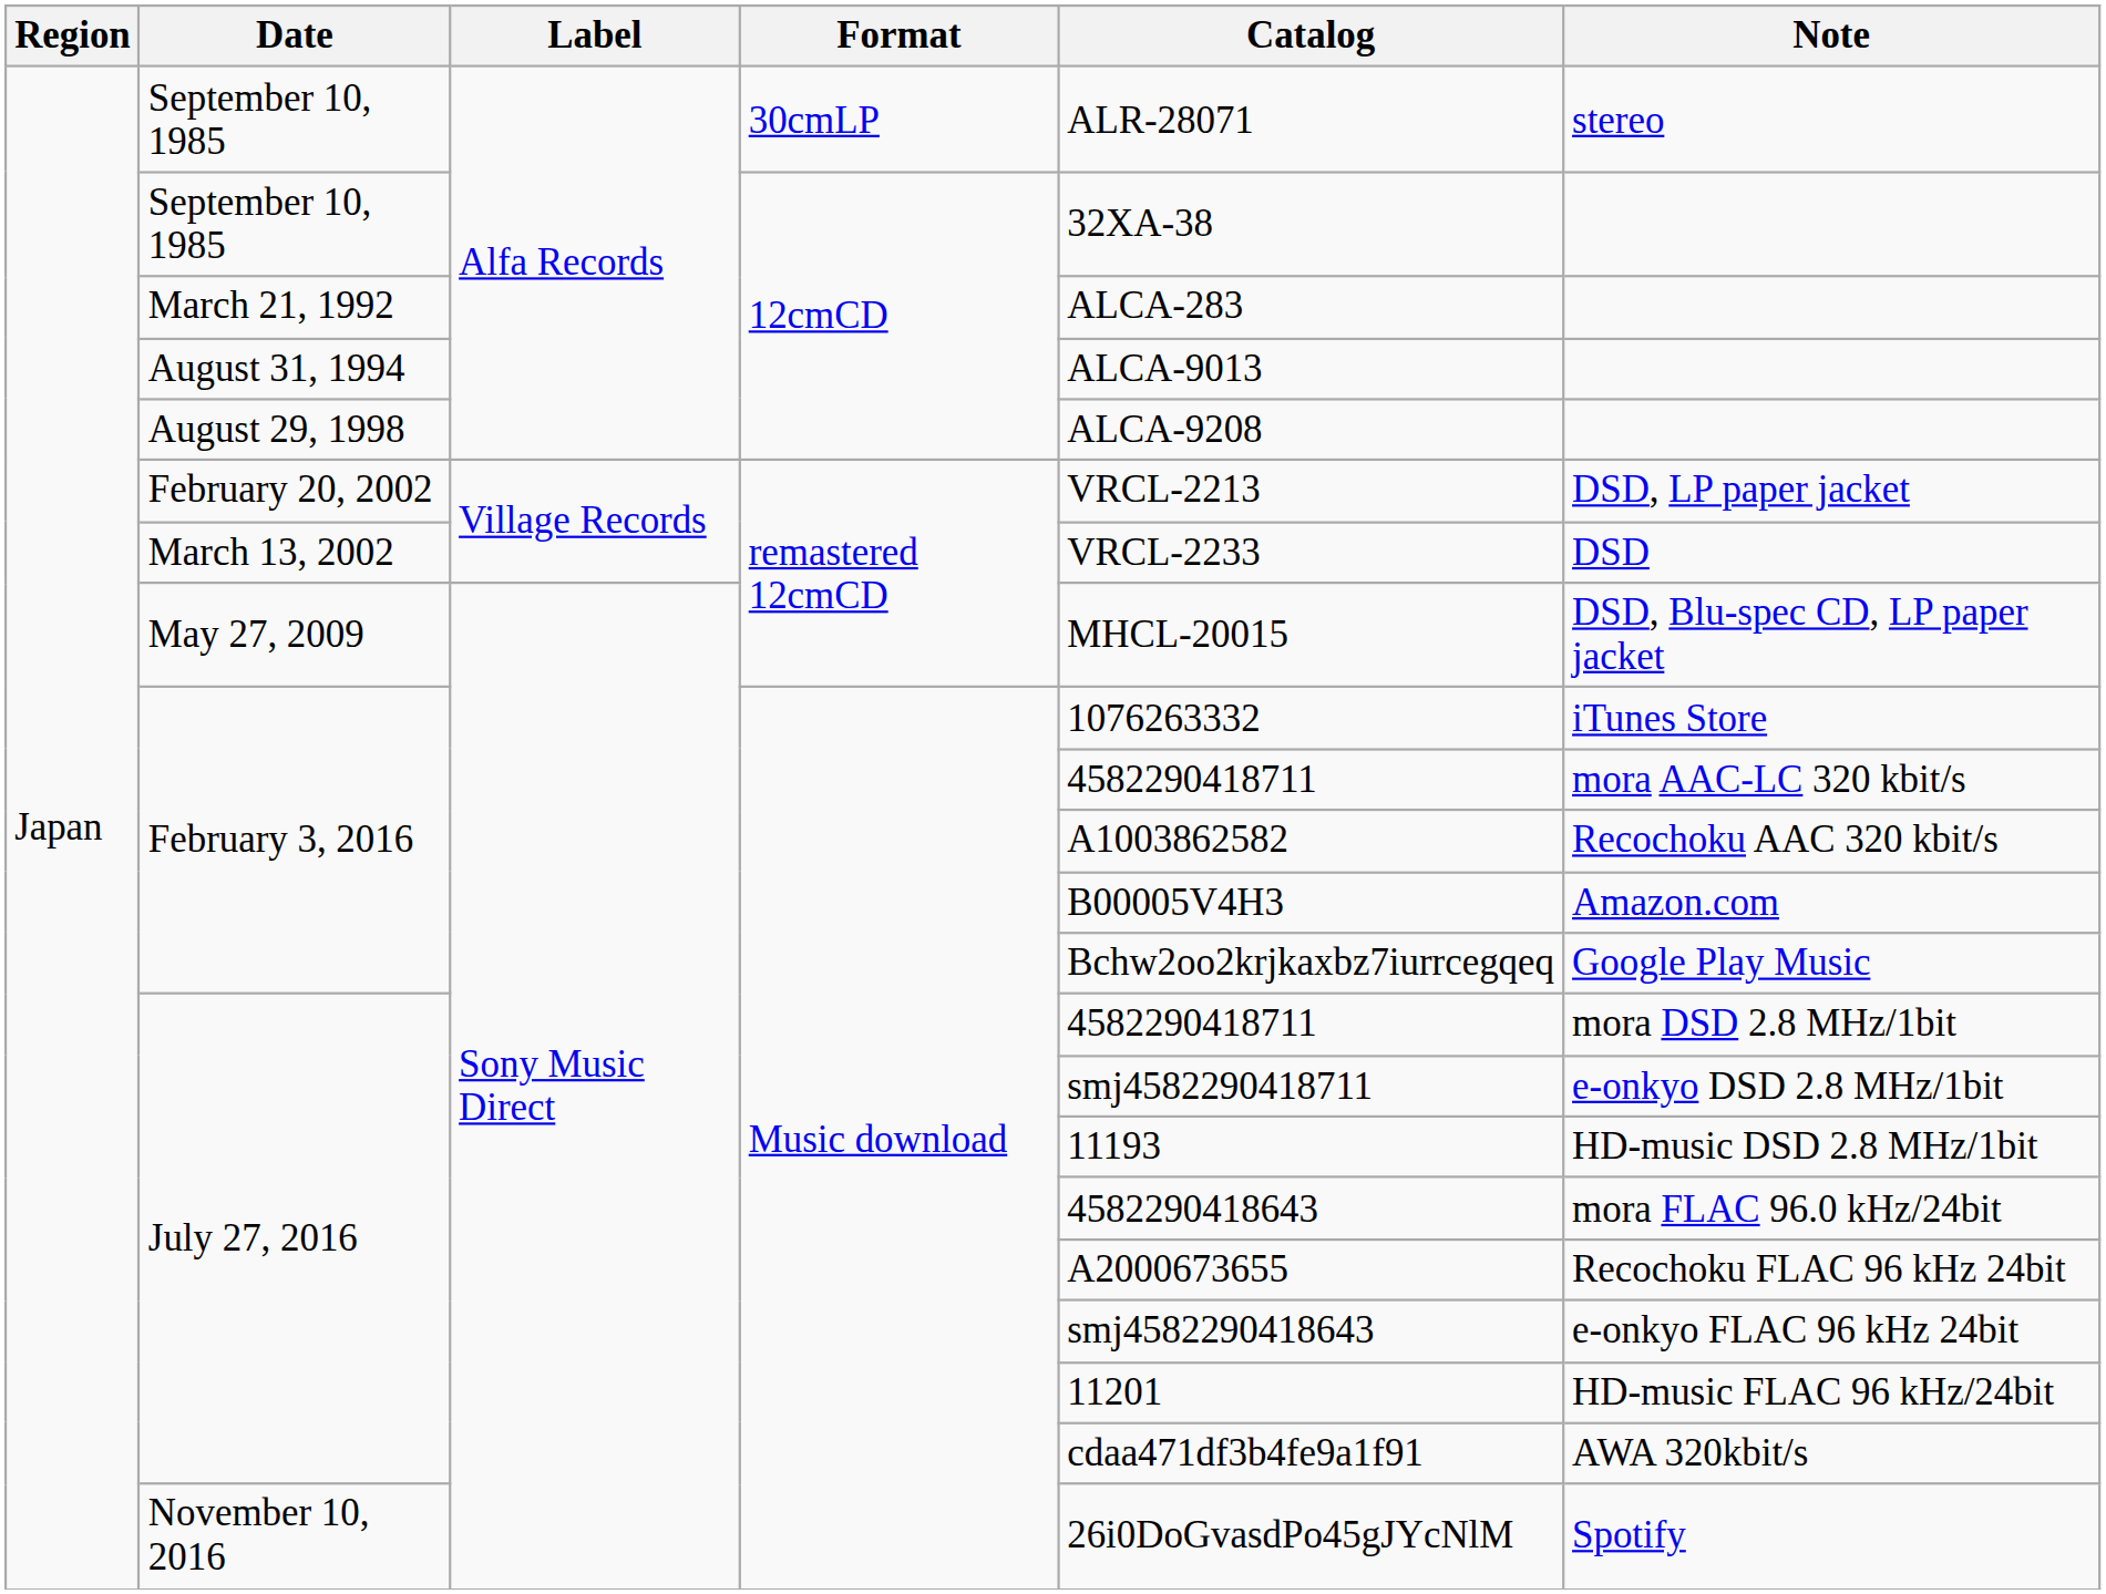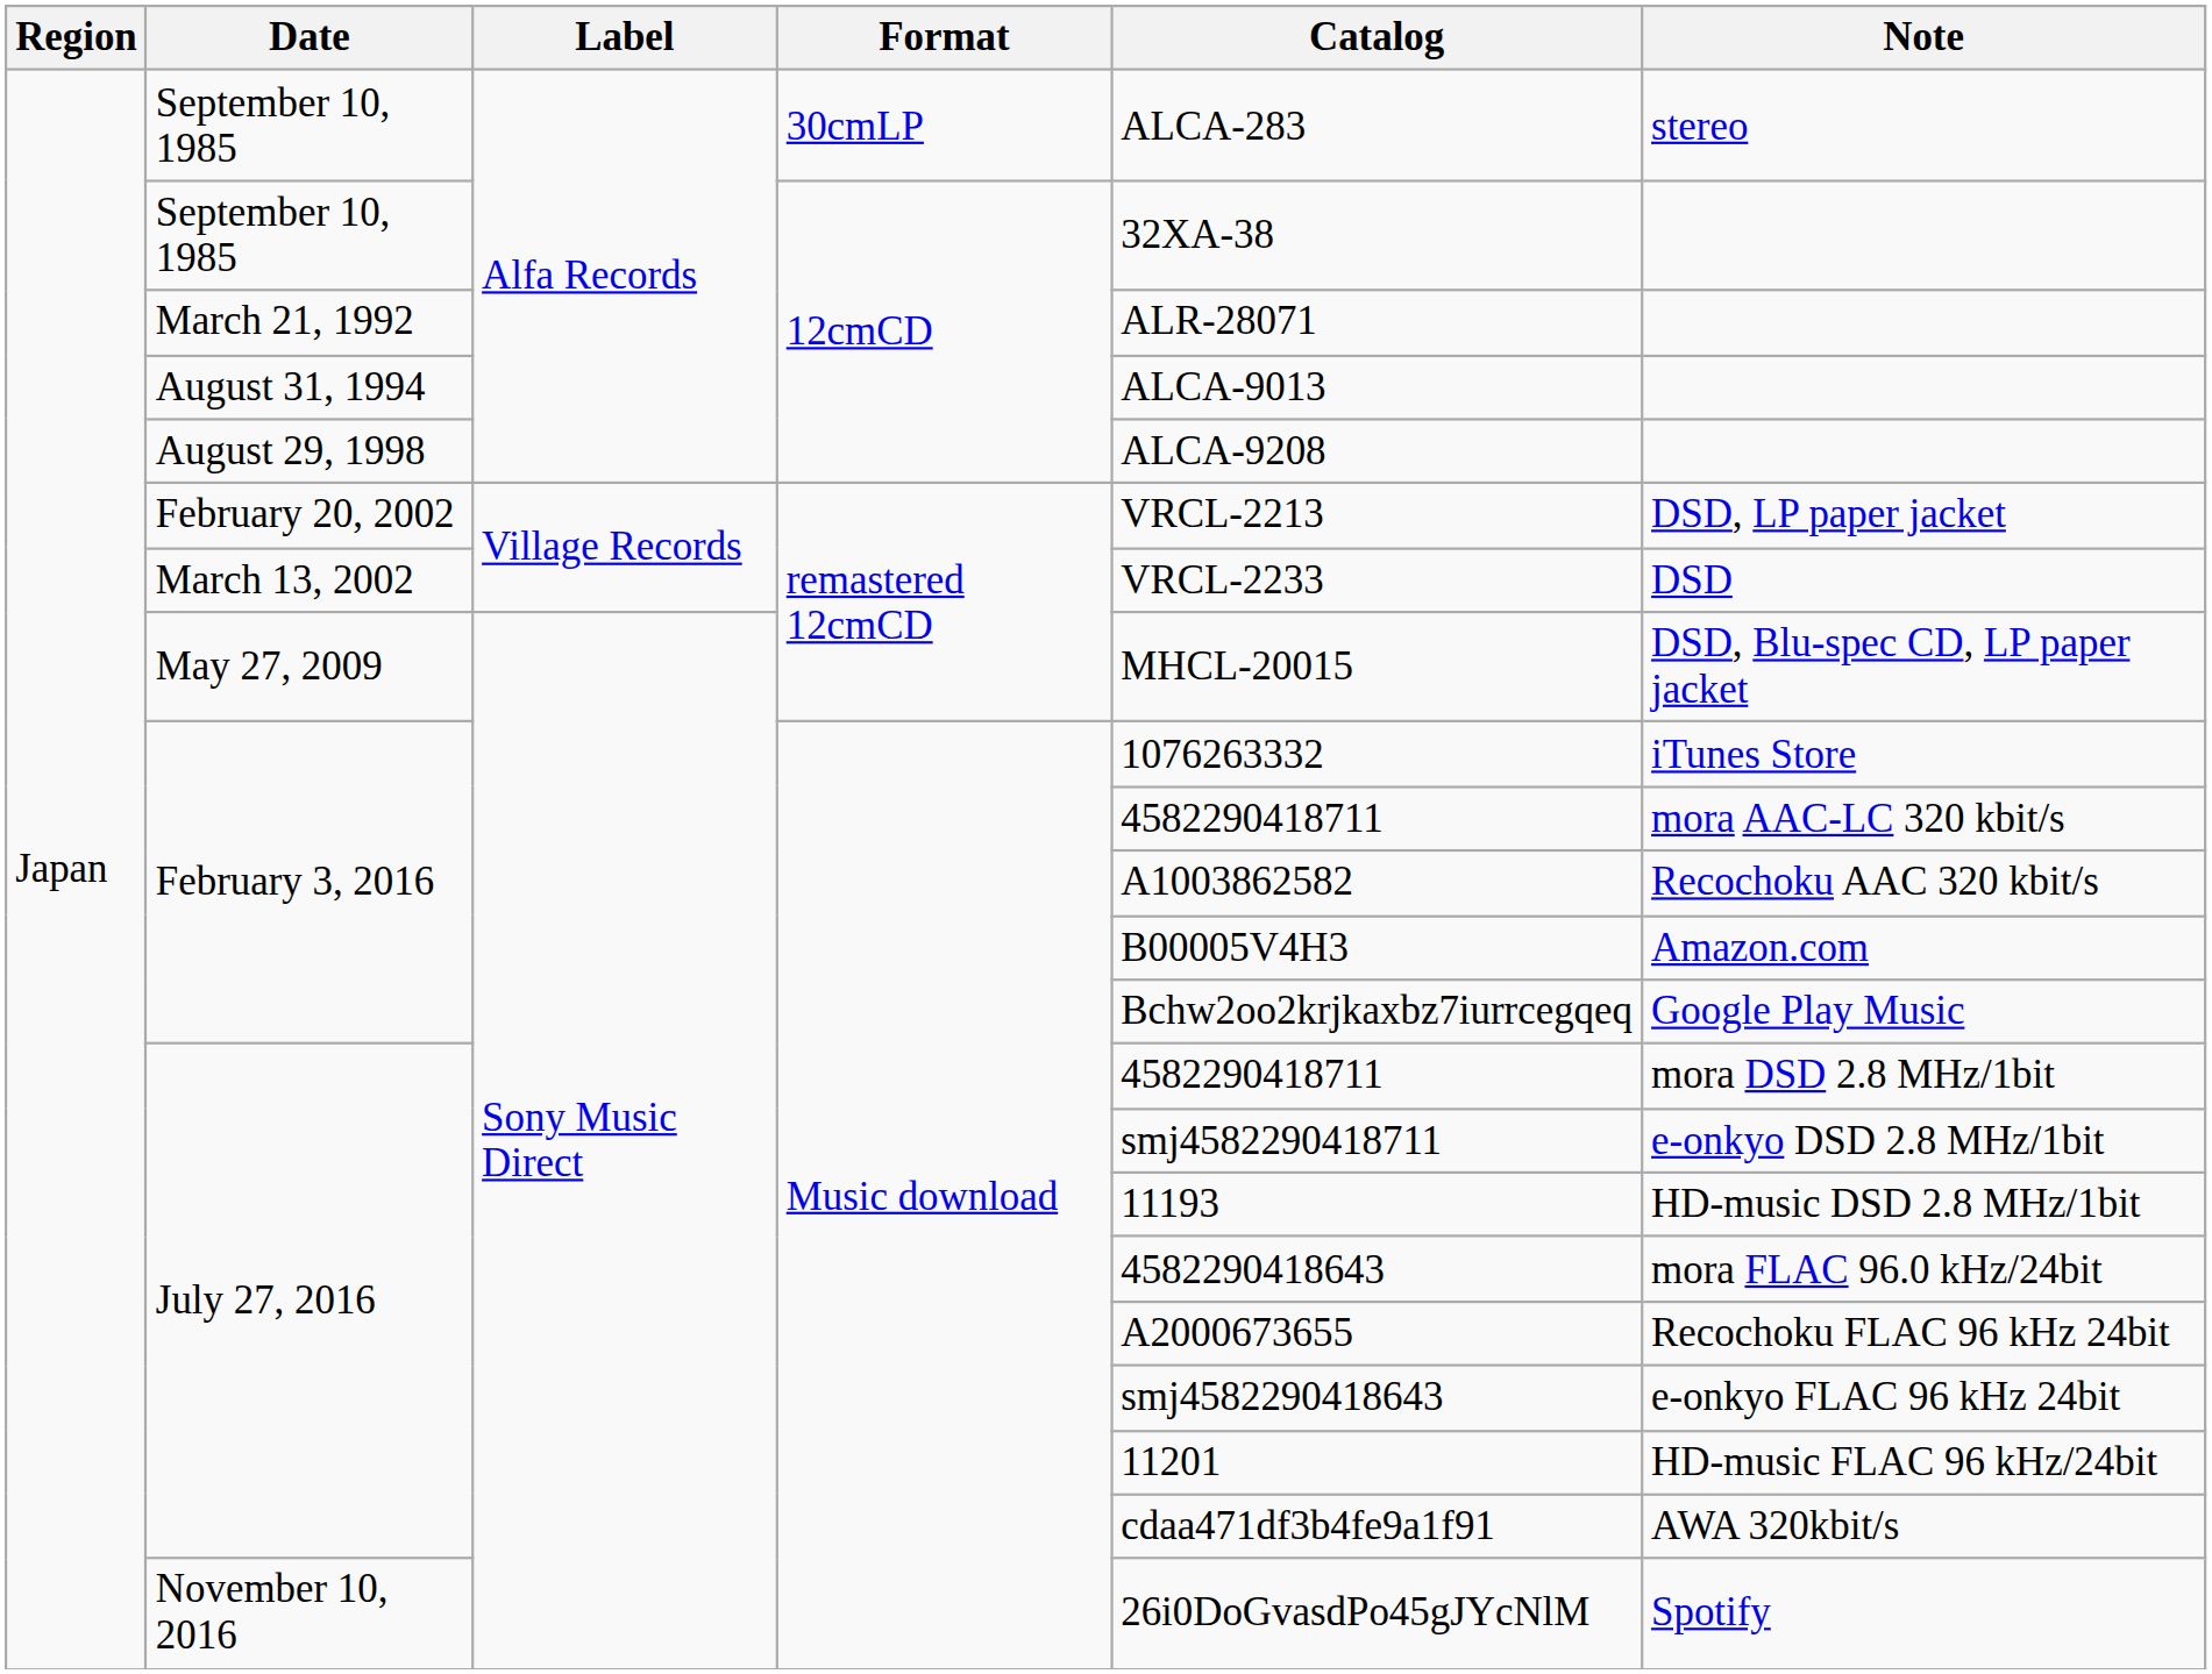 <table class="wikitable sortable">
 <tr>
 <th>Region</th>
 <th>Date</th>
 <th>Label</th>
 <th>Format</th>
 <th>Catalog</th>
 <th>Note</th>
 </tr>
 <tr>
 <td rowspan="23">Japan</td>
 <td>September 10, 1985</td>
 <td rowspan="5"><a href='#'>Alfa Records</a></td>
 <td><a href='#'>30cmLP</a></td>
-<td>ALR-28071</td>
+<td>ALCA-283</td>
 <td><a href='#'>stereo</a></td>
 </tr>
 <tr>
 <td>September 10, 1985</td>
 <td rowspan="4"><a href='#'>12cmCD</a></td>
 <td>32XA-38</td>
 </tr>
 <tr>
 <td>March 21, 1992</td>
-<td>ALCA-283</td>
+<td>ALR-28071</td>
 <td></td>
 </tr>
 <tr>
 <td>August 31, 1994</td>
 <td>ALCA-9013</td>
 <td></td>
 </tr>
 <tr>
 <td>August 29, 1998</td>
 <td>ALCA-9208</td>
 <td></td>
 </tr>
 <tr>
 <td>February 20, 2002</td>
 <td rowspan="2"><a href='#'>Village Records</a></td>
 <td rowspan="3"><a href='#'>remastered</a> <a href='#'>12cmCD</a></td>
 <td>VRCL-2213</td>
 <td><a href='#'>DSD</a>, <a href='#'>LP paper jacket</a></td>
 </tr>
 <tr>
 <td>March 13, 2002</td>
 <td>VRCL-2233</td>
 <td><a href='#'>DSD</a></td>
 </tr>
 <tr>
 <td>May 27, 2009</td>
 <td rowspan="15"><a href='#'>Sony Music Direct</a></td>
 <td>MHCL-20015</td>
 <td><a href='#'>DSD</a>, <a href='#'>Blu-spec CD</a>, <a href='#'>LP paper jacket</a></td>
 </tr>
 <tr>
 <td rowspan="5">February 3, 2016</td>
 <td rowspan="14"><a href='#'>Music download</a></td>
 <td>1076263332</td>
 <td><a href='#'>iTunes Store</a></td>
 </tr>
 <tr>
 <td>4582290418711</td>
 <td><a href='#'>mora</a> <a href='#'>AAC-LC</a>  320 kbit/s</td>
 </tr>
 <tr>
 <td>A1003862582</td>
 <td><a href='#'>Recochoku</a> AAC  320 kbit/s</td>
 </tr>
 <tr>
 <td>B00005V4H3</td>
 <td><a href='#'>Amazon.com</a></td>
 </tr>
 <tr>
 <td>Bchw2oo2krjkaxbz7iurrcegqeq</td>
 <td><a href='#'>Google Play Music</a></td>
 </tr>
 <tr>
 <td rowspan="8">July 27, 2016</td>
 <td>4582290418711</td>
 <td>mora <a href='#'>DSD</a> 2.8 MHz/1bit</td>
 </tr>
 <tr>
 <td>smj4582290418711</td>
 <td><a href='#'>e-onkyo</a>  DSD 2.8 MHz/1bit</td>
 </tr>
 <tr>
 <td>11193</td>
 <td>HD-music DSD 2.8 MHz/1bit</td>
 </tr>
 <tr>
 <td>4582290418643</td>
 <td>mora <a href='#'>FLAC</a> 96.0 kHz/24bit</td>
 </tr>
 <tr>
 <td>A2000673655</td>
 <td>Recochoku FLAC 96 kHz 24bit</td>
 </tr>
 <tr>
 <td>smj4582290418643</td>
 <td>e-onkyo FLAC 96 kHz 24bit</td>
 </tr>
 <tr>
 <td>11201</td>
 <td>HD-music FLAC 96 kHz/24bit</td>
 </tr>
 <tr>
 <td>cdaa471df3b4fe9a1f91</td>
 <td>AWA 320kbit/s</td>
 </tr>
 <tr>
 <td>November 10, 2016</td>
 <td>26i0DoGvasdPo45gJYcNlM</td>
 <td><a href='#'>Spotify</a></td>
 </tr>
 <tr>
 </tr>
 </table>
